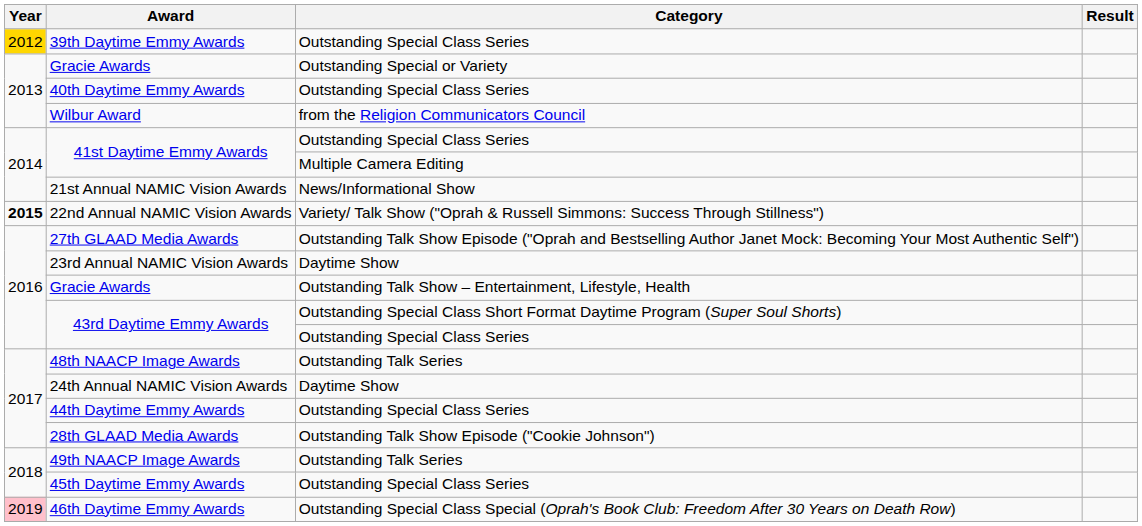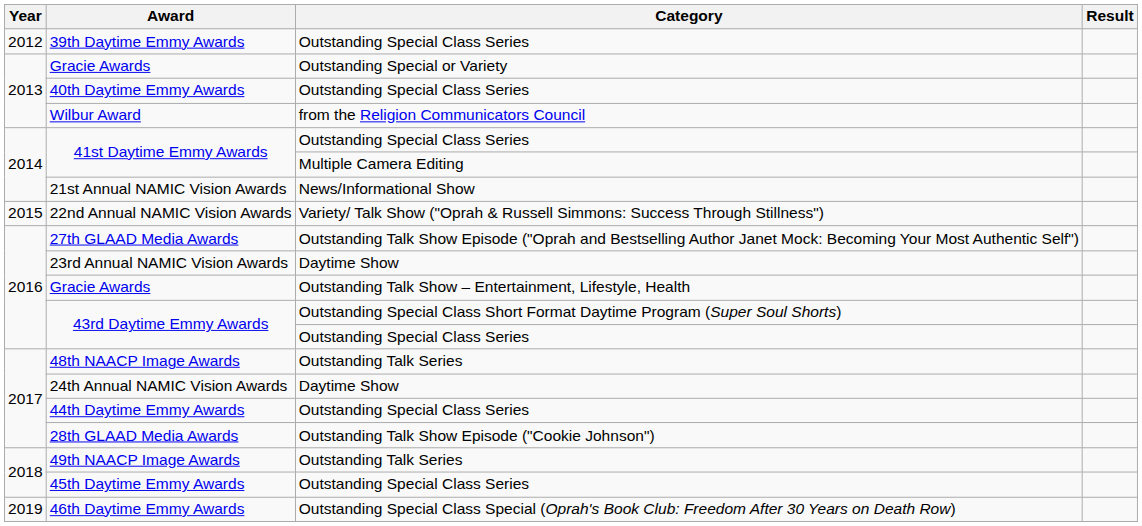 <table class="wikitable">
 <tr>
 <th>Year</th>
 <th>Award</th>
 <th>Category</th>
 <th>Result</th>
 </tr>
 <tr>
-<td style="background: gold; text-align:center;" rowspan="1">2012</td>
+<td style="text-align:center;" rowspan="1">2012</td>
 <td><a href='#'>39th Daytime Emmy Awards</a></td>
 <td>Outstanding Special Class Series</td>
 <td></td>
 </tr>
 <tr>
 <td style="text-align:center;" rowspan="3">2013</td>
 <td><a href='#'>Gracie Awards</a></td>
 <td>Outstanding Special or Variety</td>
 <td></td>
 </tr>
 <tr>
 <td><a href='#'>40th Daytime Emmy Awards</a></td>
 <td>Outstanding Special Class Series</td>
 <td></td>
 </tr>
 <tr>
 <td><a href='#'>Wilbur Award</a></td>
 <td>from the <a href='#'>Religion Communicators Council</a></td>
 <td></td>
 </tr>
 <tr>
 <td style="text-align:center;" rowspan="3">2014</td>
 <td style="text-align:center;" rowspan="2"><a href='#'>41st Daytime Emmy Awards</a></td>
 <td>Outstanding Special Class Series</td>
 <td></td>
 </tr>
 <tr>
 <td>Multiple Camera Editing</td>
 <td></td>
 </tr>
 <tr>
 <td>21st Annual NAMIC Vision Awards</td>
 <td>News/Informational Show</td>
 <td></td>
 </tr>
 <tr>
-<td style="text-align:center;" rowspan="1"><strong>2015</strong></td>
+<td style="text-align:center;" rowspan="1">2015</td>
 <td>22nd Annual NAMIC Vision Awards</td>
 <td>Variety/ Talk Show ("Oprah & Russell Simmons: Success Through Stillness")</td>
 <td></td>
 </tr>
 <tr>
 <td style="text-align:center;" rowspan="5">2016</td>
 <td><a href='#'>27th GLAAD Media Awards</a></td>
 <td>Outstanding Talk Show Episode ("Oprah and Bestselling Author Janet Mock: Becoming Your Most Authentic Self")</td>
 <td></td>
 </tr>
 <tr>
 <td>23rd Annual NAMIC Vision Awards</td>
 <td>Daytime Show</td>
 <td></td>
 </tr>
 <tr>
 <td><a href='#'>Gracie Awards</a></td>
 <td>Outstanding Talk Show – Entertainment, Lifestyle, Health</td>
 <td></td>
 </tr>
 <tr>
 <td style="text-align:center;" rowspan="2"><a href='#'>43rd Daytime Emmy Awards</a></td>
 <td>Outstanding Special Class Short Format Daytime Program (<em>Super Soul Shorts</em>)</td>
 <td></td>
 </tr>
 <tr>
 <td>Outstanding Special Class Series</td>
 <td></td>
 </tr>
 <tr>
 <td style="text-align:center;" rowspan="4">2017</td>
 <td><a href='#'>48th NAACP Image Awards</a></td>
 <td>Outstanding Talk Series</td>
 <td></td>
 </tr>
 <tr>
 <td>24th Annual NAMIC Vision Awards</td>
 <td>Daytime Show</td>
 <td></td>
 </tr>
 <tr>
 <td><a href='#'>44th Daytime Emmy Awards</a></td>
 <td>Outstanding Special Class Series</td>
 <td></td>
 </tr>
 <tr>
 <td><a href='#'>28th GLAAD Media Awards</a></td>
 <td>Outstanding Talk Show Episode ("Cookie Johnson")</td>
 <td></td>
 </tr>
 <tr>
 <td style="text-align:center;" rowspan="2">2018</td>
 <td><a href='#'>49th NAACP Image Awards</a></td>
 <td>Outstanding Talk Series</td>
 <td></td>
 </tr>
 <tr>
 <td><a href='#'>45th Daytime Emmy Awards</a></td>
 <td>Outstanding Special Class Series</td>
 <td></td>
 </tr>
 <tr>
-<td style="background: pink; text-align:center;" rowspan="1">2019</td>
+<td style="text-align:center;" rowspan="1">2019</td>
 <td><a href='#'>46th Daytime Emmy Awards</a></td>
 <td>Outstanding Special Class Special (<em>Oprah's Book Club: Freedom After 30 Years on Death Row</em>)</td>
 <td></td>
 </tr>
 <tr>
 </tr>
 </table>
